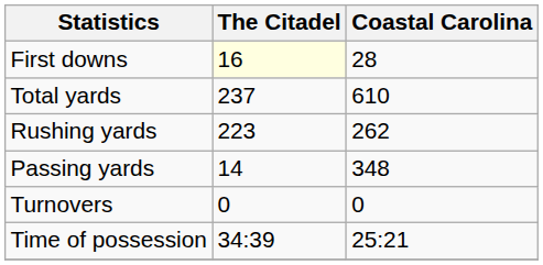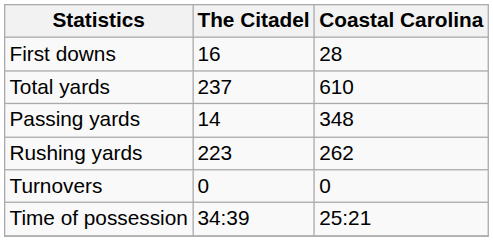 <table class="wikitable">
 <tr>
 <th>Statistics</th>
 <th>The Citadel</th>
 <th>Coastal Carolina</th>
 </tr>
 <tr>
 <td>First downs</td>
-<td style="background: lightyellow;">16</td>
+<td>16</td>
 <td>28</td>
 </tr>
 <tr>
 <td>Total yards</td>
 <td>237</td>
 <td>610</td>
 </tr>
 <tr>
+<td>Passing yards</td>
+<td>14</td>
+<td>348</td>
+</tr>
+<tr>
 <td>Rushing yards</td>
 <td>223</td>
 <td>262</td>
-</tr>
-<tr>
-<td>Passing yards</td>
-<td>14</td>
-<td>348</td>
 </tr>
 <tr>
 <td>Turnovers</td>
 <td>0</td>
 <td>0</td>
 </tr>
 <tr>
 <td>Time of possession</td>
 <td>34:39</td>
 <td>25:21</td>
 </tr>
 <tr>
 </tr>
 </table>
